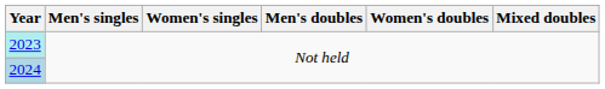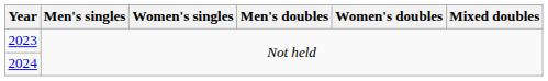 <table class="wikitable" style="font-size:90%;">
 <tr>
 <th>Year</th>
 <th>Men's singles</th>
 <th>Women's singles</th>
 <th>Men's doubles</th>
 <th>Women's doubles</th>
 <th>Mixed doubles</th>
 </tr>
 <tr>
-<td style="background: paleturquoise;"><a href='#'>2023</a></td>
+<td><a href='#'>2023</a></td>
 <td colspan="5" rowspan="2" align="center"><em>Not held</em></td>
 </tr>
 <tr>
-<td style="background: lightblue;"><a href='#'>2024</a></td>
+<td><a href='#'>2024</a></td>
 </tr>
 </table>
